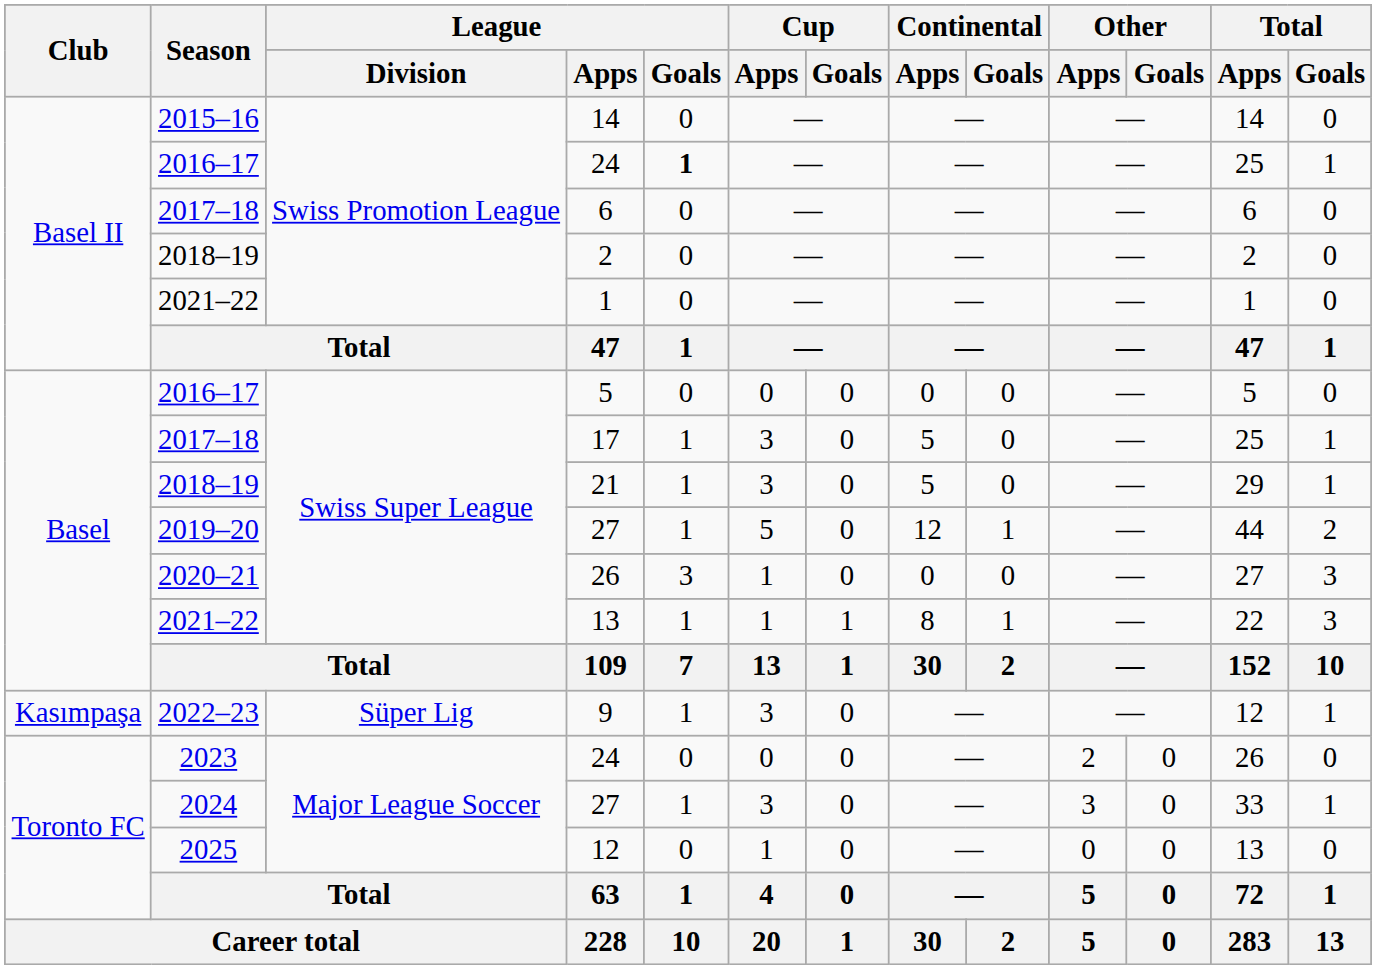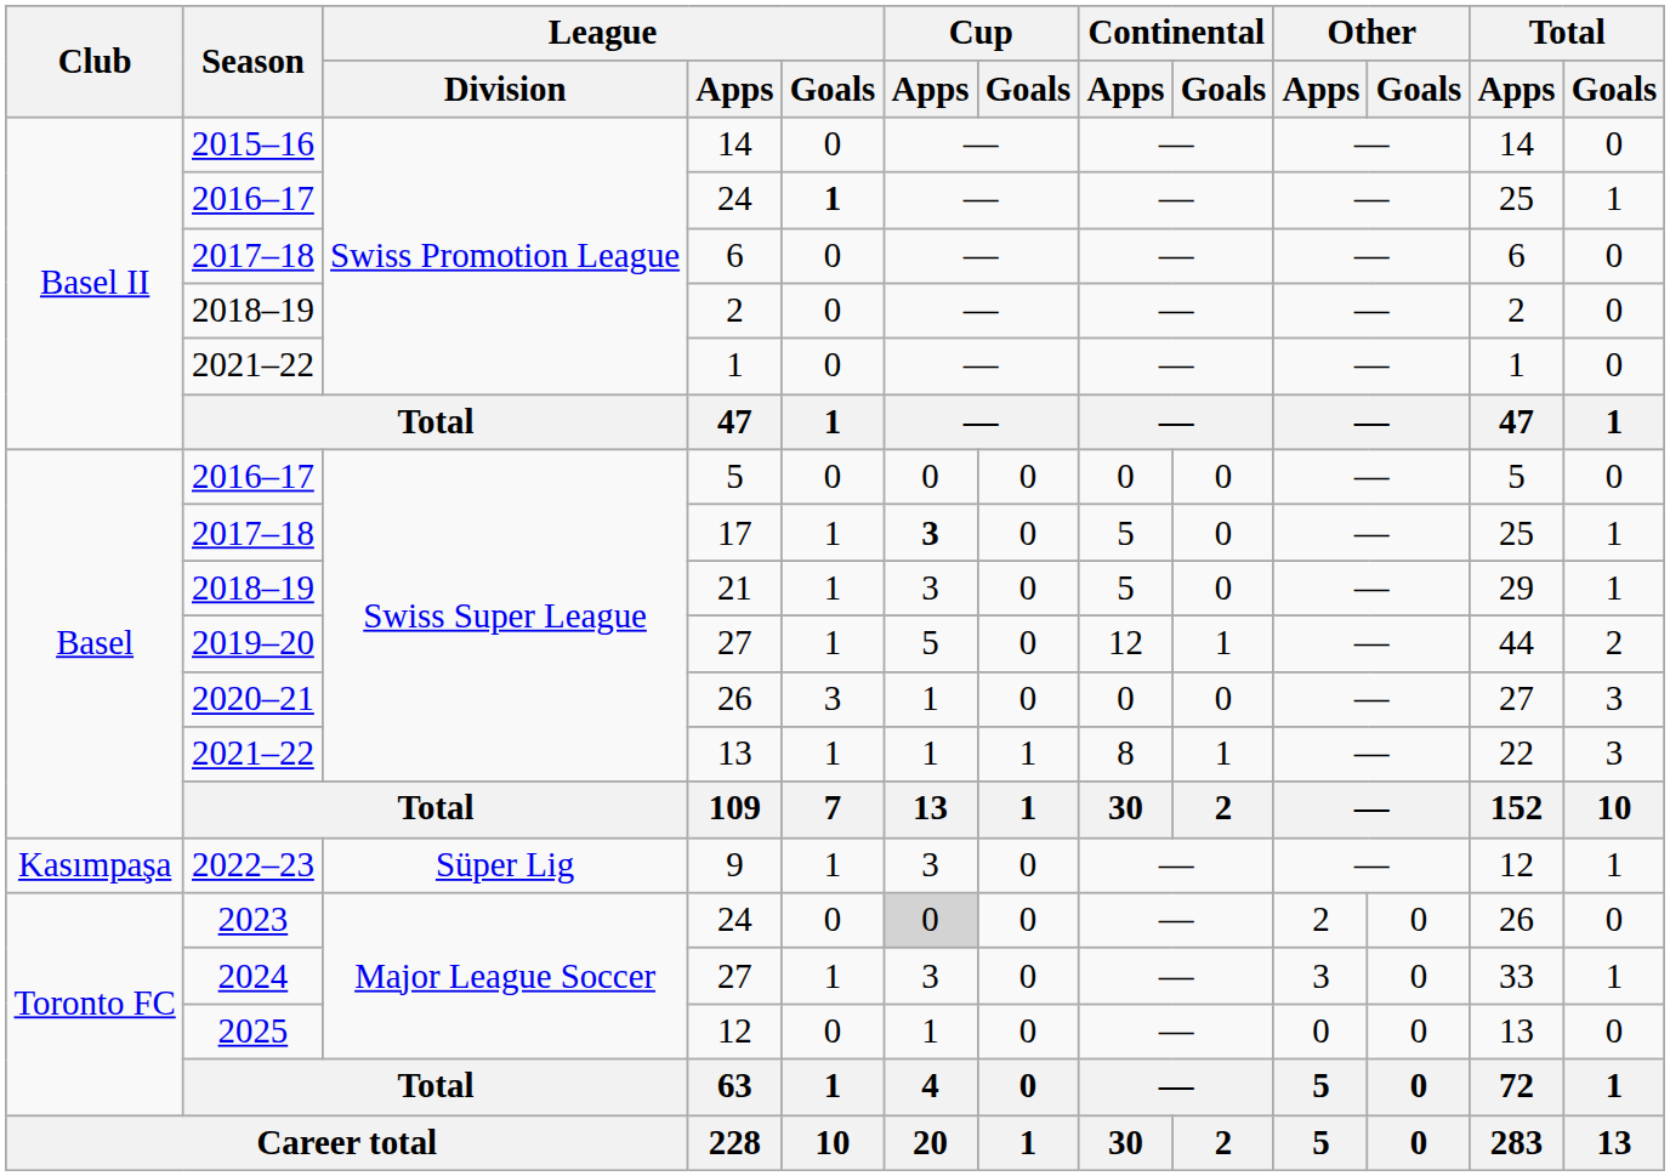 <table class="wikitable" style="text-align:center">
 <tr>
 <th rowspan="2">Club</th>
 <th rowspan="2">Season</th>
 <th colspan="3">League</th>
 <th colspan="2">Cup</th>
 <th colspan="2">Continental</th>
 <th colspan="2">Other</th>
 <th colspan="2">Total</th>
 </tr>
 <tr>
 <th>Division</th>
 <th>Apps</th>
 <th>Goals</th>
 <th>Apps</th>
 <th>Goals</th>
 <th>Apps</th>
 <th>Goals</th>
 <th>Apps</th>
 <th>Goals</th>
 <th>Apps</th>
 <th>Goals</th>
 </tr>
 <tr>
 <td rowspan="6"><a href='#'>Basel II</a></td>
 <td><a href='#'>2015–16</a></td>
 <td rowspan="5"><a href='#'>Swiss Promotion League</a></td>
 <td>14</td>
 <td>0</td>
 <td colspan="2">—</td>
 <td colspan="2">—</td>
 <td colspan="2">—</td>
 <td>14</td>
 <td>0</td>
 </tr>
 <tr>
 <td><a href='#'>2016–17</a></td>
 <td>24</td>
 <td><strong>1</strong></td>
 <td colspan="2">—</td>
 <td colspan="2">—</td>
 <td colspan="2">—</td>
 <td>25</td>
 <td>1</td>
 </tr>
 <tr>
 <td><a href='#'>2017–18</a></td>
 <td>6</td>
 <td>0</td>
 <td colspan="2">—</td>
 <td colspan="2">—</td>
 <td colspan="2">—</td>
 <td>6</td>
 <td>0</td>
 </tr>
 <tr>
 <td>2018–19</td>
 <td>2</td>
 <td>0</td>
 <td colspan="2">—</td>
 <td colspan="2">—</td>
 <td colspan="2">—</td>
 <td>2</td>
 <td>0</td>
 </tr>
 <tr>
 <td>2021–22</td>
 <td>1</td>
 <td>0</td>
 <td colspan="2">—</td>
 <td colspan="2">—</td>
 <td colspan="2">—</td>
 <td>1</td>
 <td>0</td>
 </tr>
 <tr>
 <th colspan="2">Total</th>
 <th>47</th>
 <th>1</th>
 <th colspan="2">—</th>
 <th colspan="2">—</th>
 <th colspan="2">—</th>
 <th>47</th>
 <th>1</th>
 </tr>
 <tr>
 <td rowspan="7"><a href='#'>Basel</a></td>
 <td><a href='#'>2016–17</a></td>
 <td rowspan="6"><a href='#'>Swiss Super League</a></td>
 <td>5</td>
 <td>0</td>
 <td>0</td>
 <td>0</td>
 <td>0</td>
 <td>0</td>
 <td colspan="2">—</td>
 <td>5</td>
 <td>0</td>
 </tr>
 <tr>
 <td><a href='#'>2017–18</a></td>
 <td>17</td>
 <td>1</td>
-<td>3</td>
+<td><strong>3</strong></td>
 <td>0</td>
 <td>5</td>
 <td>0</td>
 <td colspan="2">—</td>
 <td>25</td>
 <td>1</td>
 </tr>
 <tr>
 <td><a href='#'>2018–19</a></td>
 <td>21</td>
 <td>1</td>
 <td>3</td>
 <td>0</td>
 <td>5</td>
 <td>0</td>
 <td colspan="2">—</td>
 <td>29</td>
 <td>1</td>
 </tr>
 <tr>
 <td><a href='#'>2019–20</a></td>
 <td>27</td>
 <td>1</td>
 <td>5</td>
 <td>0</td>
 <td>12</td>
 <td>1</td>
 <td colspan="2">—</td>
 <td>44</td>
 <td>2</td>
 </tr>
 <tr>
 <td><a href='#'>2020–21</a></td>
 <td>26</td>
 <td>3</td>
 <td>1</td>
 <td>0</td>
 <td>0</td>
 <td>0</td>
 <td colspan="2">—</td>
 <td>27</td>
 <td>3</td>
 </tr>
 <tr>
 <td><a href='#'>2021–22</a></td>
 <td>13</td>
 <td>1</td>
 <td>1</td>
 <td>1</td>
 <td>8</td>
 <td>1</td>
 <td colspan="2">—</td>
 <td>22</td>
 <td>3</td>
 </tr>
 <tr>
 <th colspan="2">Total</th>
 <th>109</th>
 <th>7</th>
 <th>13</th>
 <th>1</th>
 <th>30</th>
 <th>2</th>
 <th colspan="2">—</th>
 <th>152</th>
 <th>10</th>
 </tr>
 <tr>
 <td><a href='#'>Kasımpaşa</a></td>
 <td><a href='#'>2022–23</a></td>
 <td><a href='#'>Süper Lig</a></td>
 <td>9</td>
 <td>1</td>
 <td>3</td>
 <td>0</td>
 <td colspan="2">—</td>
 <td colspan="2">—</td>
 <td>12</td>
 <td>1</td>
 </tr>
 <tr>
 <td rowspan="4"><a href='#'>Toronto FC</a></td>
 <td><a href='#'>2023</a></td>
 <td rowspan="3"><a href='#'>Major League Soccer</a></td>
 <td>24</td>
 <td>0</td>
-<td>0</td>
+<td style="background: lightgrey;">0</td>
 <td>0</td>
 <td colspan="2">—</td>
 <td>2</td>
 <td>0</td>
 <td>26</td>
 <td>0</td>
 </tr>
 <tr>
 <td><a href='#'>2024</a></td>
 <td>27</td>
 <td>1</td>
 <td>3</td>
 <td>0</td>
 <td colspan="2">—</td>
 <td>3</td>
 <td>0</td>
 <td>33</td>
 <td>1</td>
 </tr>
 <tr>
 <td><a href='#'>2025</a></td>
 <td>12</td>
 <td>0</td>
 <td>1</td>
 <td>0</td>
 <td colspan="2">—</td>
 <td>0</td>
 <td>0</td>
 <td>13</td>
 <td>0</td>
 </tr>
 <tr>
 <th colspan="2">Total</th>
 <th>63</th>
 <th>1</th>
 <th>4</th>
 <th>0</th>
 <th colspan="2">—</th>
 <th>5</th>
 <th>0</th>
 <th>72</th>
 <th>1</th>
 </tr>
 <tr>
 <th colspan="3">Career total</th>
 <th>228</th>
 <th>10</th>
 <th>20</th>
 <th>1</th>
 <th>30</th>
 <th>2</th>
 <th>5</th>
 <th>0</th>
 <th>283</th>
 <th>13</th>
 </tr>
 </table>
